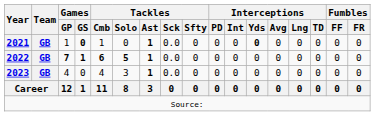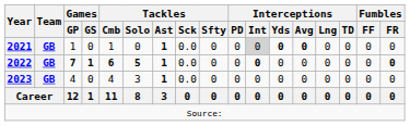 <table class="wikitable" style="text-align: center;">
 <tr>
 <th rowspan="2">Year</th>
 <th rowspan="2">Team</th>
 <th colspan="2">Games</th>
 <th colspan="5">Tackles</th>
 <th colspan="6">Interceptions</th>
 <th colspan="2">Fumbles</th>
 </tr>
 <tr>
 <th>GP</th>
 <th>GS</th>
 <th>Cmb</th>
 <th>Solo</th>
 <th>Ast</th>
 <th>Sck</th>
 <th>Sfty</th>
 <th>PD</th>
 <th>Int</th>
 <th>Yds</th>
 <th>Avg</th>
 <th>Lng</th>
 <th>TD</th>
 <th>FF</th>
 <th>FR</th>
 </tr>
 <tr>
 <th><a href='#'>2021</a></th>
 <th><a href='#'>GB</a></th>
 <td>1</td>
-<td><strong>0</strong></td>
+<td>0</td>
 <td>1</td>
 <td>0</td>
 <td><strong>1</strong></td>
 <td>0.0</td>
 <td>0</td>
 <td>0</td>
-<td>0</td>
+<td style="background: lightgrey;">0</td>
 <td><strong>0</strong></td>
-<td>0</td>
+<td><strong>0</strong></td>
 <td>0</td>
 <td>0</td>
 <td>0</td>
 <td>0</td>
 </tr>
 <tr>
 <th><a href='#'>2022</a></th>
 <th><a href='#'>GB</a></th>
 <td><strong>7</strong></td>
 <td><strong>1</strong></td>
 <td><strong>6</strong></td>
 <td><strong>5</strong></td>
 <td><strong>1</strong></td>
 <td>0.0</td>
 <td>0</td>
 <td>0</td>
+<td><strong>0</strong></td>
 <td>0</td>
 <td>0</td>
 <td>0</td>
 <td>0</td>
 <td>0</td>
-<td>0</td>
-<td>0</td>
+<td><strong>0</strong></td>
 </tr>
 <tr>
 <th><a href='#'>2023</a></th>
 <th><a href='#'>GB</a></th>
 <td>4</td>
 <td>0</td>
 <td>4</td>
 <td>3</td>
 <td><strong>1</strong></td>
 <td>0.0</td>
 <td>0</td>
 <td>0</td>
 <td>0</td>
 <td>0</td>
 <td>0</td>
 <td>0</td>
 <td>0</td>
 <td>0</td>
 <td>0</td>
 </tr>
 <tr>
 <th colspan="2">Career</th>
 <th>12</th>
 <th>1</th>
 <th>11</th>
 <th>8</th>
 <th>3</th>
 <th>0</th>
 <th>0</th>
 <th>0</th>
 <th>0</th>
 <th>0</th>
 <th>0</th>
 <th>0</th>
 <th>0</th>
 <th>0</th>
 <th>0</th>
 </tr>
 <tr>
 <td colspan="17"><small>Source: </small></td>
 </tr>
 </table>
